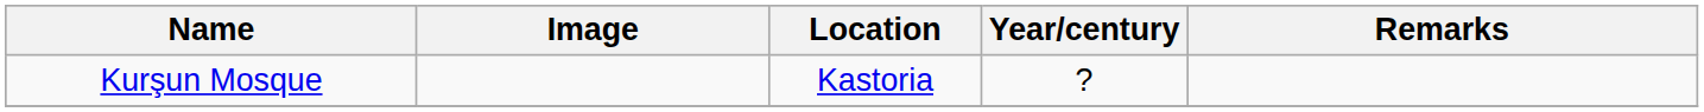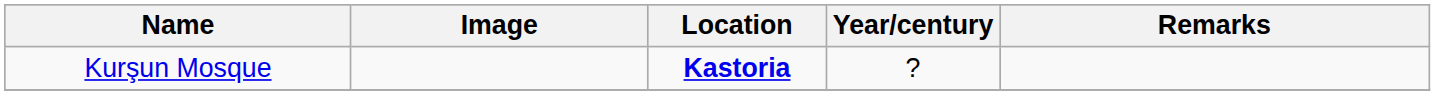 <table class="wikitable sortable" style="text-align:center">
 <tr>
 <th align=left width=200px>Name</th>
 <th align=center width=170px class=unsortable>Image</th>
 <th align=left width=100px>Location</th>
 <th align=left width=050px>Year/century</th>
 <th align=left width=250px class=unsortable>Remarks</th>
 </tr>
 <tr>
 <td><a href='#'>Kurşun Mosque</a></td>
 <td></td>
-<td><a href='#'>Kastoria</a></td>
+<td><strong><a href='#'>Kastoria</a></strong></td>
 <td>?</td>
 <td></td>
 </tr>
 <tr>
 </tr>
 </table>
